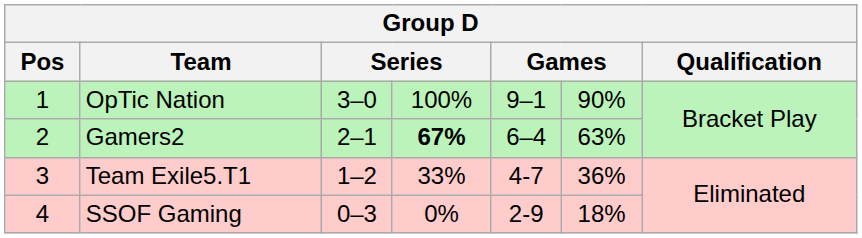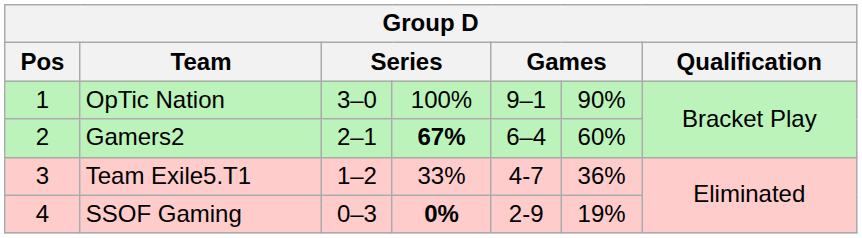 <table class="wikitable" style="display: inline-table; margin-left: 50px;width: 45%;">
 <tr>
 <th colspan="7">Group D</th>
 </tr>
 <tr>
 <th>Pos</th>
 <th>Team</th>
 <th colspan="2">Series</th>
 <th colspan="2">Games</th>
 <th>Qualification</th>
 </tr>
 <tr>
 <td style="text-align:center; background:#BBF3BB;">1</td>
 <td style="text-align:left; background:#BBF3BB;">OpTic Nation</td>
 <td style="text-align:center; background:#BBF3BB;">3–0</td>
 <td style="text-align:center; background:#BBF3BB;">100%</td>
 <td style="text-align:center; background:#BBF3BB;">9–1</td>
 <td style="text-align:center; background:#BBF3BB;">90%</td>
 <td style="text-align:center; background:#BBF3BB;" rowspan="2">Bracket Play</td>
 </tr>
 <tr>
 <td style="text-align:center; background:#BBF3BB;">2</td>
 <td style="text-align:left; background:#BBF3BB;">Gamers2</td>
 <td style="text-align:center; background:#BBF3BB;">2–1</td>
 <td style="text-align:center; background:#BBF3BB;"><strong>67%</strong></td>
 <td style="text-align:center; background:#BBF3BB;">6–4</td>
-<td style="text-align:center; background:#BBF3BB;">63%</td>
+<td style="text-align:center; background:#BBF3BB;">60%</td>
 </tr>
 <tr>
 <td style="text-align:center; background:#FFCCCC;">3</td>
 <td style="text-align:left; background:#FFCCCC;">Team Exile5.T1</td>
 <td style="text-align:center; background:#FFCCCC;">1–2</td>
 <td style="text-align:center; background:#FFCCCC;">33%</td>
 <td style="text-align:center; background:#FFCCCC;">4-7</td>
 <td style="text-align:center; background:#FFCCCC;">36%</td>
 <td style="text-align:center; background:#FFCCCC;" rowspan="2">Eliminated</td>
 </tr>
 <tr>
 <td style="text-align:center; background:#FFCCCC;">4</td>
 <td style="text-align:left; background:#FFCCCC;">SSOF Gaming</td>
 <td style="text-align:center; background:#FFCCCC;">0–3</td>
-<td style="text-align:center; background:#FFCCCC;">0%</td>
+<td style="text-align:center; background:#FFCCCC;"><strong>0%</strong></td>
 <td style="text-align:center; background:#FFCCCC;">2-9</td>
-<td style="text-align:center; background:#FFCCCC;">18%</td>
+<td style="text-align:center; background:#FFCCCC;">19%</td>
 </tr>
 </table>
